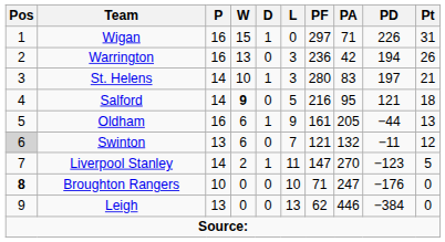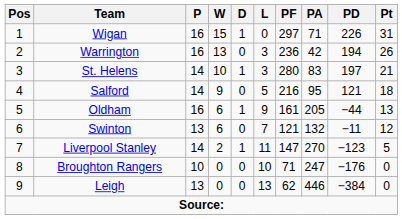 <table class="wikitable" style="font-size:90%; margin-left:1em; text-align:center">
 <tr>
 <th width=20>Pos</th>
 <th width=175>Team</th>
 <th width=20>P</th>
 <th width=20>W</th>
 <th width=20>D</th>
 <th width=20>L</th>
 <th width=20>PF</th>
 <th width=20>PA</th>
 <th width=50>PD</th>
 <th width=20>Pt</th>
 </tr>
 <tr>
 <td>1</td>
 <td><a href='#'>Wigan</a></td>
 <td>16</td>
 <td>15</td>
 <td>1</td>
 <td>0</td>
 <td>297</td>
 <td>71</td>
 <td>226</td>
 <td>31</td>
 </tr>
 <tr>
 <td>2</td>
 <td><a href='#'>Warrington</a></td>
 <td>16</td>
 <td>13</td>
 <td>0</td>
 <td>3</td>
 <td>236</td>
 <td>42</td>
 <td>194</td>
 <td>26</td>
 </tr>
 <tr>
 <td>3</td>
 <td><a href='#'>St. Helens</a></td>
 <td>14</td>
 <td>10</td>
 <td>1</td>
 <td>3</td>
 <td>280</td>
 <td>83</td>
 <td>197</td>
 <td>21</td>
 </tr>
 <tr>
 <td>4</td>
 <td><a href='#'>Salford</a></td>
 <td>14</td>
-<td><strong>9</strong></td>
+<td>9</td>
 <td>0</td>
 <td>5</td>
 <td>216</td>
 <td>95</td>
 <td>121</td>
 <td>18</td>
 </tr>
 <tr>
 <td>5</td>
 <td><a href='#'>Oldham</a></td>
 <td>16</td>
 <td>6</td>
 <td>1</td>
 <td>9</td>
 <td>161</td>
 <td>205</td>
 <td>−44</td>
 <td>13</td>
 </tr>
 <tr>
-<td style="background: lightgrey;">6</td>
+<td>6</td>
 <td><a href='#'>Swinton</a></td>
 <td>13</td>
 <td>6</td>
 <td>0</td>
 <td>7</td>
 <td>121</td>
 <td>132</td>
 <td>−11</td>
 <td>12</td>
 </tr>
 <tr>
 <td>7</td>
 <td><a href='#'>Liverpool Stanley</a></td>
 <td>14</td>
 <td>2</td>
 <td>1</td>
 <td>11</td>
 <td>147</td>
 <td>270</td>
 <td>−123</td>
 <td>5</td>
 </tr>
 <tr>
-<td><strong>8</strong></td>
+<td>8</td>
 <td><a href='#'>Broughton Rangers</a></td>
 <td>10</td>
 <td>0</td>
 <td>0</td>
 <td>10</td>
 <td>71</td>
 <td>247</td>
 <td>−176</td>
 <td>0</td>
 </tr>
 <tr>
 <td>9</td>
 <td><a href='#'>Leigh</a></td>
 <td>13</td>
 <td>0</td>
 <td>0</td>
 <td>13</td>
 <td>62</td>
 <td>446</td>
 <td>−384</td>
 <td>0</td>
 </tr>
 <tr>
 <td colspan=10><strong>Source:</strong></td>
 </tr>
 </table>
